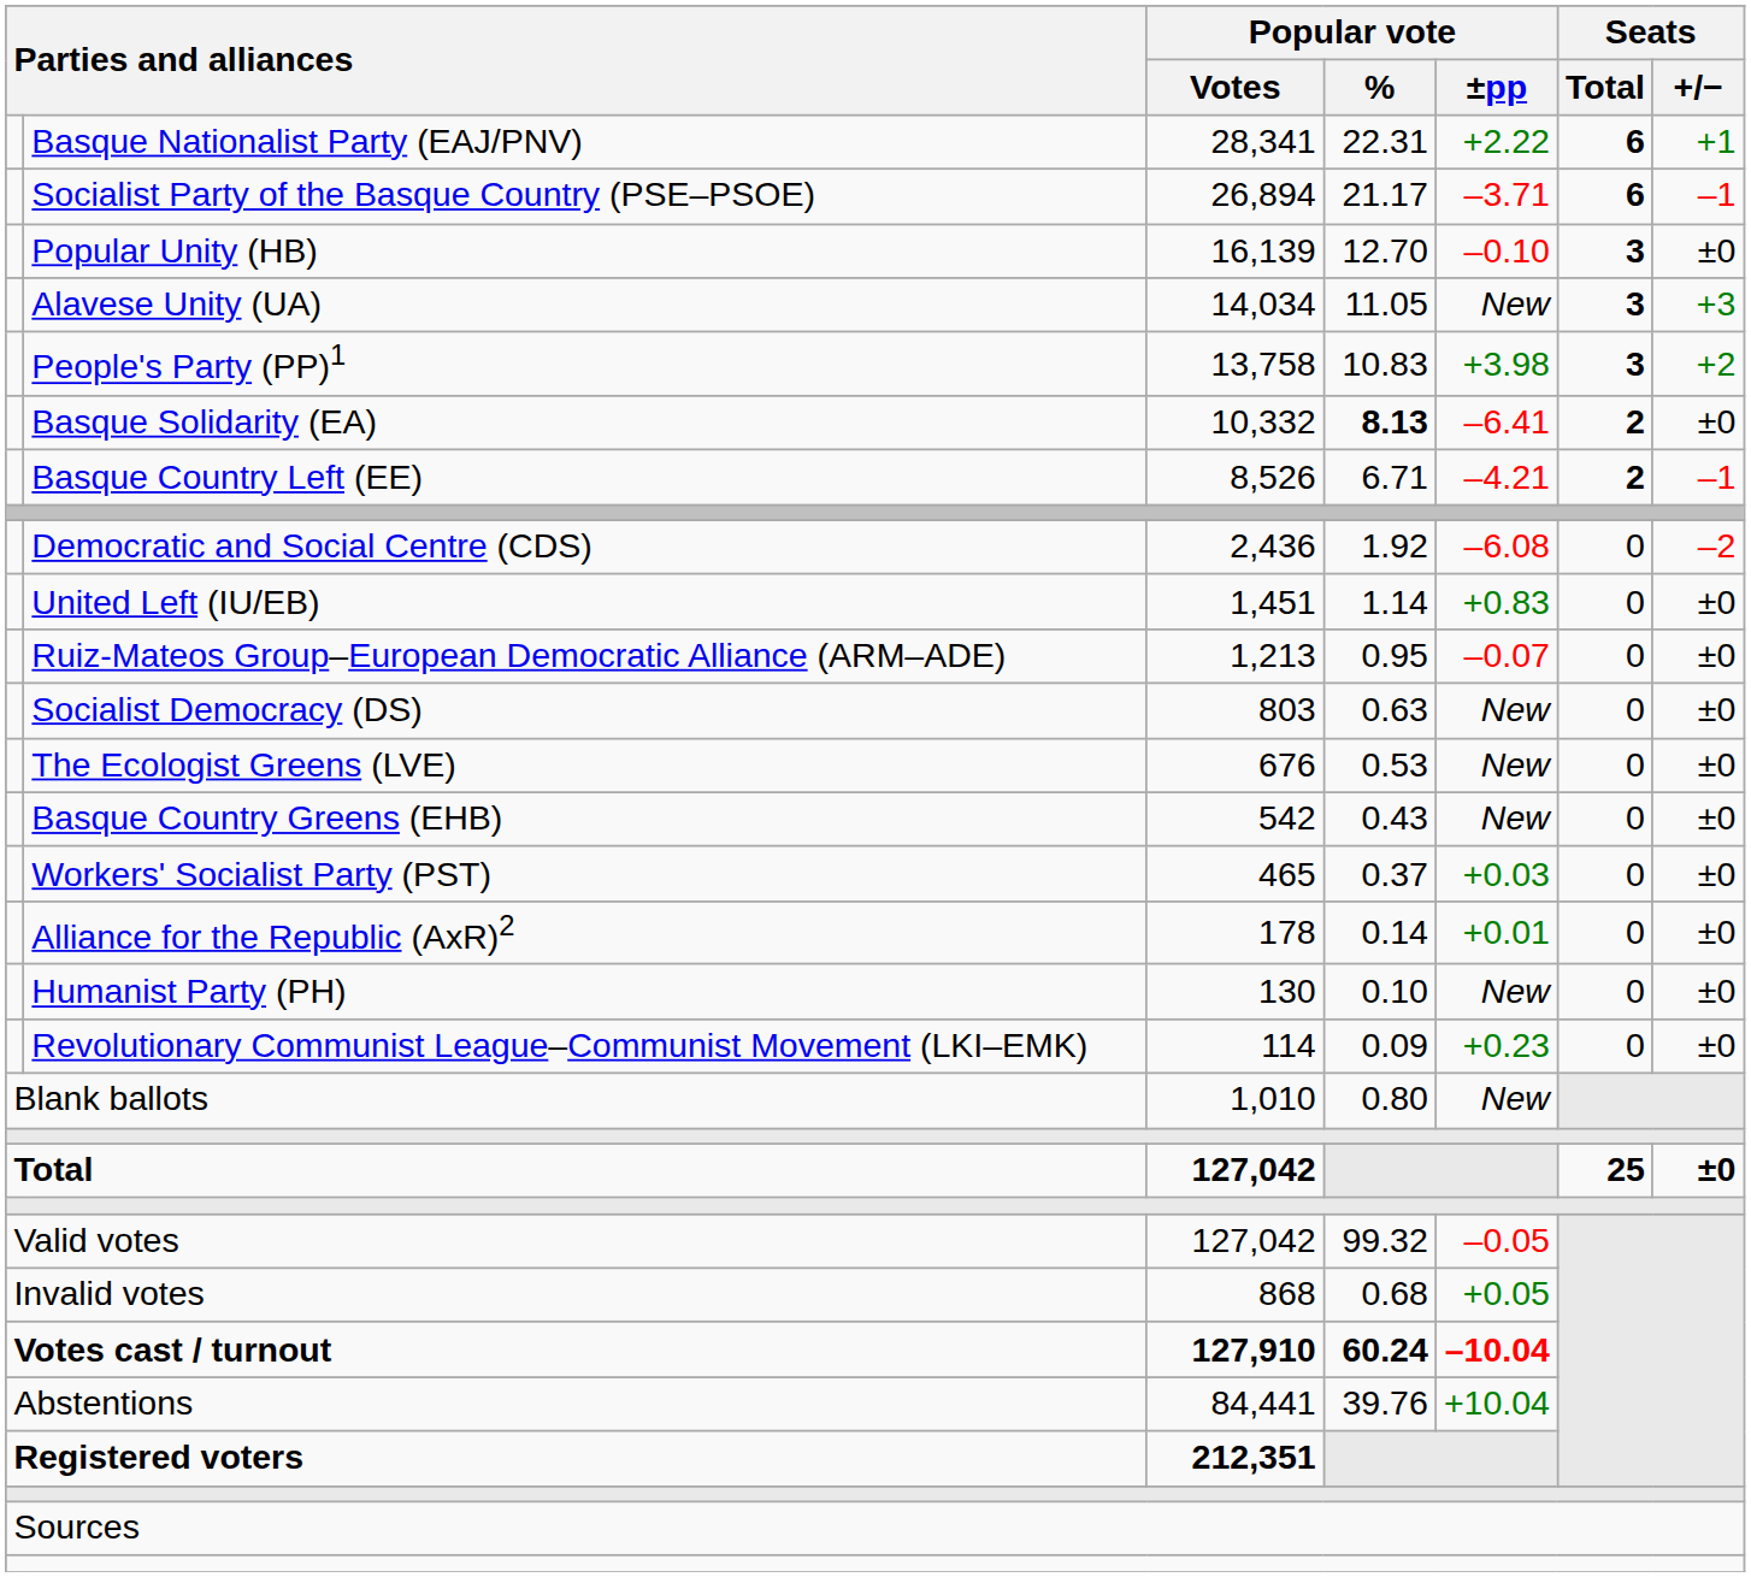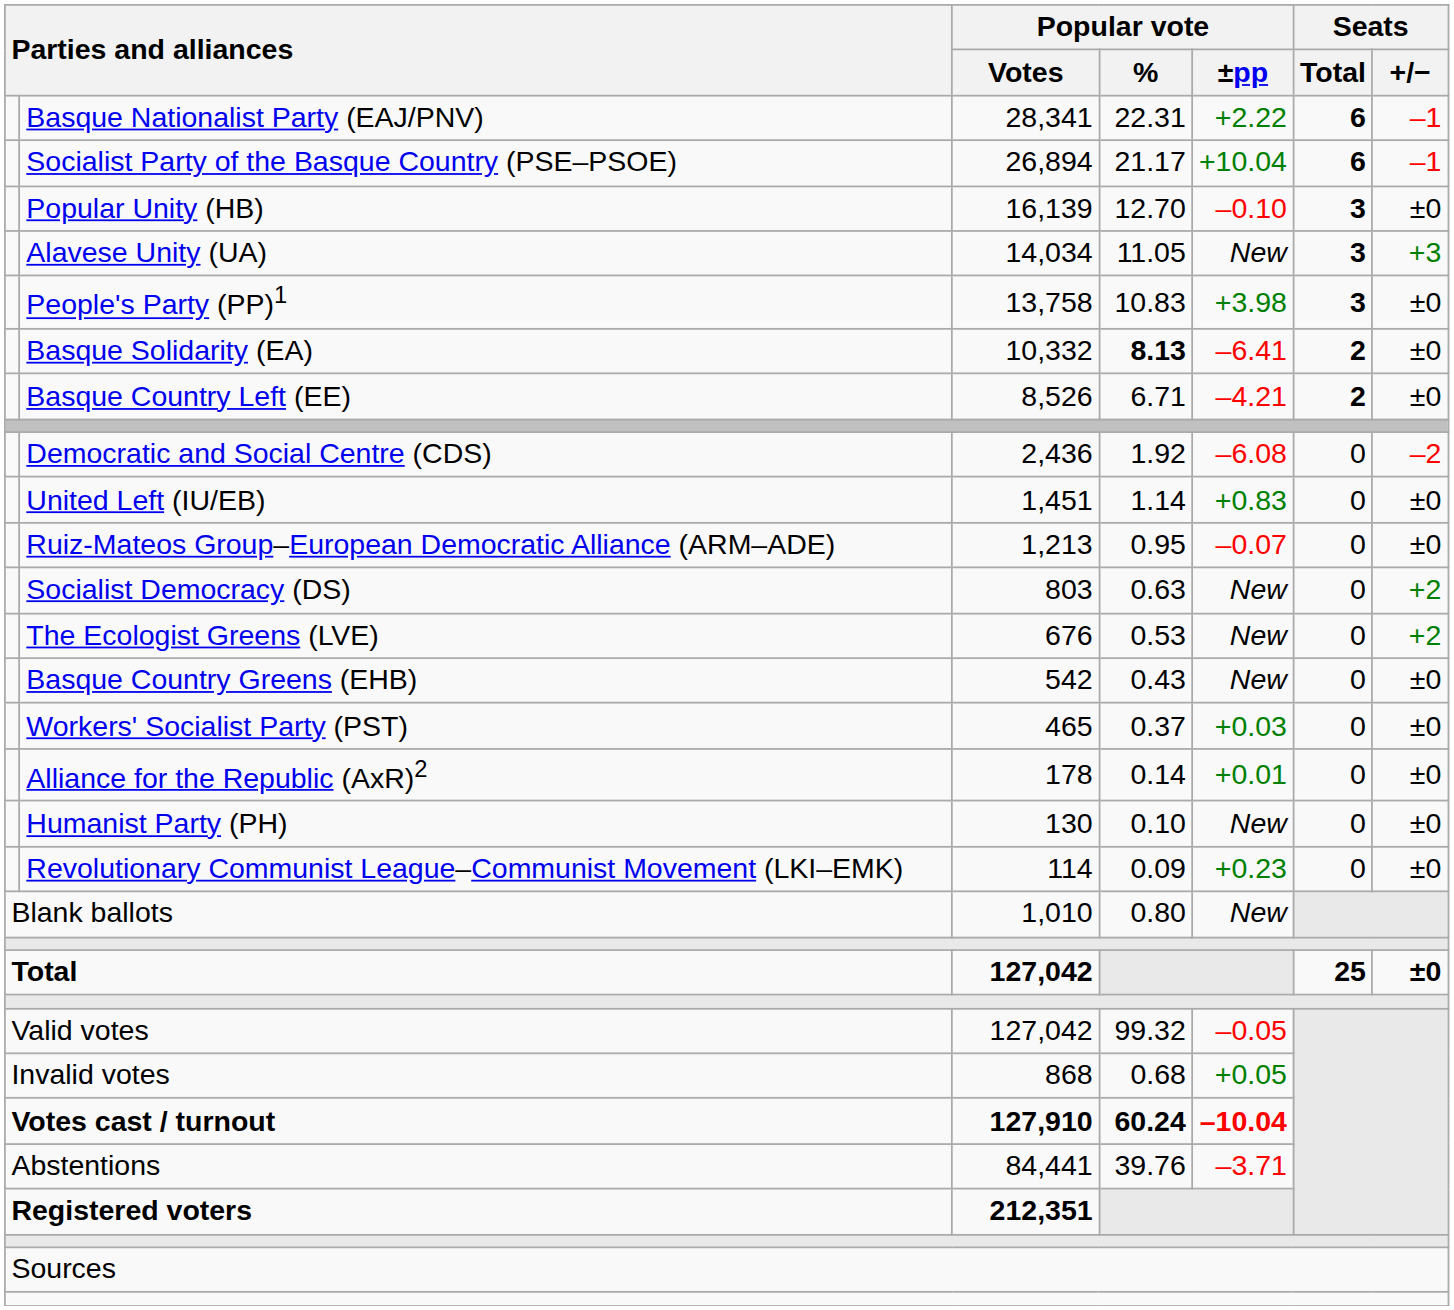 <table class="wikitable" style="text-align:right;">
 <tr>
 <th style="text-align:left;" rowspan="2" colspan="2" width="525">Parties and alliances</th>
 <th colspan="3">Popular vote</th>
 <th colspan="2">Seats</th>
 </tr>
 <tr>
 <th width="75">Votes</th>
 <th width="45">%</th>
 <th width="45">±<a href='#'>pp</a></th>
 <th width="35">Total</th>
 <th width="35">+/−</th>
 </tr>
 <tr>
 <td width="1" style="color:inherit;background:"></td>
 <td align="left"><a href='#'>Basque Nationalist Party</a> (EAJ/PNV)</td>
 <td>28,341</td>
 <td>22.31</td>
 <td style="color:green;">+2.22</td>
 <td><strong>6</strong></td>
-<td style="color:green;">+1</td>
+<td style="color:red;">–1</td>
 </tr>
 <tr>
 <td style="color:inherit;background:"></td>
 <td align="left"><a href='#'>Socialist Party of the Basque Country</a> (PSE–PSOE)</td>
 <td>26,894</td>
 <td>21.17</td>
-<td style="color:red;">–3.71</td>
+<td style="color:green;">+10.04</td>
 <td><strong>6</strong></td>
 <td style="color:red;">–1</td>
 </tr>
 <tr>
 <td style="color:inherit;background:"></td>
 <td align="left"><a href='#'>Popular Unity</a> (HB)</td>
 <td>16,139</td>
 <td>12.70</td>
 <td style="color:red;">–0.10</td>
 <td><strong>3</strong></td>
 <td>±0</td>
 </tr>
 <tr>
 <td style="color:inherit;background:"></td>
 <td align="left"><a href='#'>Alavese Unity</a> (UA)</td>
 <td>14,034</td>
 <td>11.05</td>
 <td><em>New</em></td>
 <td><strong>3</strong></td>
 <td style="color:green;">+3</td>
 </tr>
 <tr>
 <td style="color:inherit;background:"></td>
 <td align="left"><a href='#'>People's Party</a> (PP)<sup>1</sup></td>
 <td>13,758</td>
 <td>10.83</td>
 <td style="color:green;">+3.98</td>
 <td><strong>3</strong></td>
-<td style="color:green;">+2</td>
+<td>±0</td>
 </tr>
 <tr>
 <td style="color:inherit;background:"></td>
 <td align="left"><a href='#'>Basque Solidarity</a> (EA)</td>
 <td>10,332</td>
 <td><strong>8.13</strong></td>
 <td style="color:red;">–6.41</td>
 <td><strong>2</strong></td>
 <td>±0</td>
 </tr>
 <tr>
 <td style="color:inherit;background:"></td>
 <td align="left"><a href='#'>Basque Country Left</a> (EE)</td>
 <td>8,526</td>
 <td>6.71</td>
 <td style="color:red;">–4.21</td>
 <td><strong>2</strong></td>
-<td style="color:red;">–1</td>
+<td>±0</td>
 </tr>
 <tr>
 <td colspan="7" bgcolor="#C0C0C0"></td>
 </tr>
 <tr>
 <td style="color:inherit;background:"></td>
 <td align="left"><a href='#'>Democratic and Social Centre</a> (CDS)</td>
 <td>2,436</td>
 <td>1.92</td>
 <td style="color:red;">–6.08</td>
 <td>0</td>
 <td style="color:red;">–2</td>
 </tr>
 <tr>
 <td style="color:inherit;background:"></td>
 <td align="left"><a href='#'>United Left</a> (IU/EB)</td>
 <td>1,451</td>
 <td>1.14</td>
 <td style="color:green;">+0.83</td>
 <td>0</td>
 <td>±0</td>
 </tr>
 <tr>
 <td style="color:inherit;background:"></td>
 <td align="left"><a href='#'>Ruiz-Mateos Group</a>–<a href='#'>European Democratic Alliance</a> (ARM–ADE)</td>
 <td>1,213</td>
 <td>0.95</td>
 <td style="color:red;">–0.07</td>
 <td>0</td>
 <td>±0</td>
 </tr>
 <tr>
 <td style="color:inherit;background:"></td>
 <td align="left"><a href='#'>Socialist Democracy</a> (DS)</td>
 <td>803</td>
 <td>0.63</td>
 <td><em>New</em></td>
 <td>0</td>
-<td>±0</td>
+<td style="color:green;">+2</td>
 </tr>
 <tr>
 <td style="color:inherit;background:"></td>
 <td align="left"><a href='#'>The Ecologist Greens</a> (LVE)</td>
 <td>676</td>
 <td>0.53</td>
 <td><em>New</em></td>
 <td>0</td>
-<td>±0</td>
+<td style="color:green;">+2</td>
 </tr>
 <tr>
 <td style="color:inherit;background:"></td>
 <td align="left"><a href='#'>Basque Country Greens</a> (EHB)</td>
 <td>542</td>
 <td>0.43</td>
 <td><em>New</em></td>
 <td>0</td>
 <td>±0</td>
 </tr>
 <tr>
 <td style="color:inherit;background:"></td>
 <td align="left"><a href='#'>Workers' Socialist Party</a> (PST)</td>
 <td>465</td>
 <td>0.37</td>
 <td style="color:green;">+0.03</td>
 <td>0</td>
 <td>±0</td>
 </tr>
 <tr>
 <td style="color:inherit;background:"></td>
 <td align="left"><a href='#'>Alliance for the Republic</a> (AxR)<sup>2</sup></td>
 <td>178</td>
 <td>0.14</td>
 <td style="color:green;">+0.01</td>
 <td>0</td>
 <td>±0</td>
 </tr>
 <tr>
 <td style="color:inherit;background:"></td>
 <td align="left"><a href='#'>Humanist Party</a> (PH)</td>
 <td>130</td>
 <td>0.10</td>
 <td><em>New</em></td>
 <td>0</td>
 <td>±0</td>
 </tr>
 <tr>
 <td style="color:inherit;background:"></td>
 <td align="left"><a href='#'>Revolutionary Communist League</a>–<a href='#'>Communist Movement</a> (LKI–EMK)</td>
 <td>114</td>
 <td>0.09</td>
 <td style="color:green;">+0.23</td>
 <td>0</td>
 <td>±0</td>
 </tr>
 <tr>
 <td align="left" colspan="2">Blank ballots</td>
 <td>1,010</td>
 <td>0.80</td>
 <td><em>New</em></td>
 <td bgcolor="#E9E9E9" colspan="2"></td>
 </tr>
 <tr>
 <td colspan="7" bgcolor="#E9E9E9"></td>
 </tr>
 <tr style="font-weight:bold;">
 <td align="left" colspan="2">Total</td>
 <td>127,042</td>
 <td bgcolor="#E9E9E9" colspan="2"></td>
 <td>25</td>
 <td>±0</td>
 </tr>
 <tr>
 <td colspan="7" bgcolor="#E9E9E9"></td>
 </tr>
 <tr>
 <td align="left" colspan="2">Valid votes</td>
 <td>127,042</td>
 <td>99.32</td>
 <td style="color:red;">–0.05</td>
 <td bgcolor="#E9E9E9" colspan="2" rowspan="5"></td>
 </tr>
 <tr>
 <td align="left" colspan="2">Invalid votes</td>
 <td>868</td>
 <td>0.68</td>
 <td style="color:green;">+0.05</td>
 </tr>
 <tr style="font-weight:bold;">
 <td align="left" colspan="2">Votes cast / turnout</td>
 <td>127,910</td>
 <td>60.24</td>
 <td style="color:red;">–10.04</td>
 </tr>
 <tr>
 <td align="left" colspan="2">Abstentions</td>
 <td>84,441</td>
 <td>39.76</td>
-<td style="color:green;">+10.04</td>
+<td style="color:red;">–3.71</td>
 </tr>
 <tr style="font-weight:bold;">
 <td align="left" colspan="2">Registered voters</td>
 <td>212,351</td>
 <td bgcolor="#E9E9E9" colspan="2"></td>
 </tr>
 <tr>
 <td colspan="7" bgcolor="#E9E9E9"></td>
 </tr>
 <tr>
 <td align="left" colspan="7">Sources</td>
 </tr>
 <tr>
 <td colspan="7" style="text-align:left; max-width:790px;"></td>
 </tr>
 </table>
